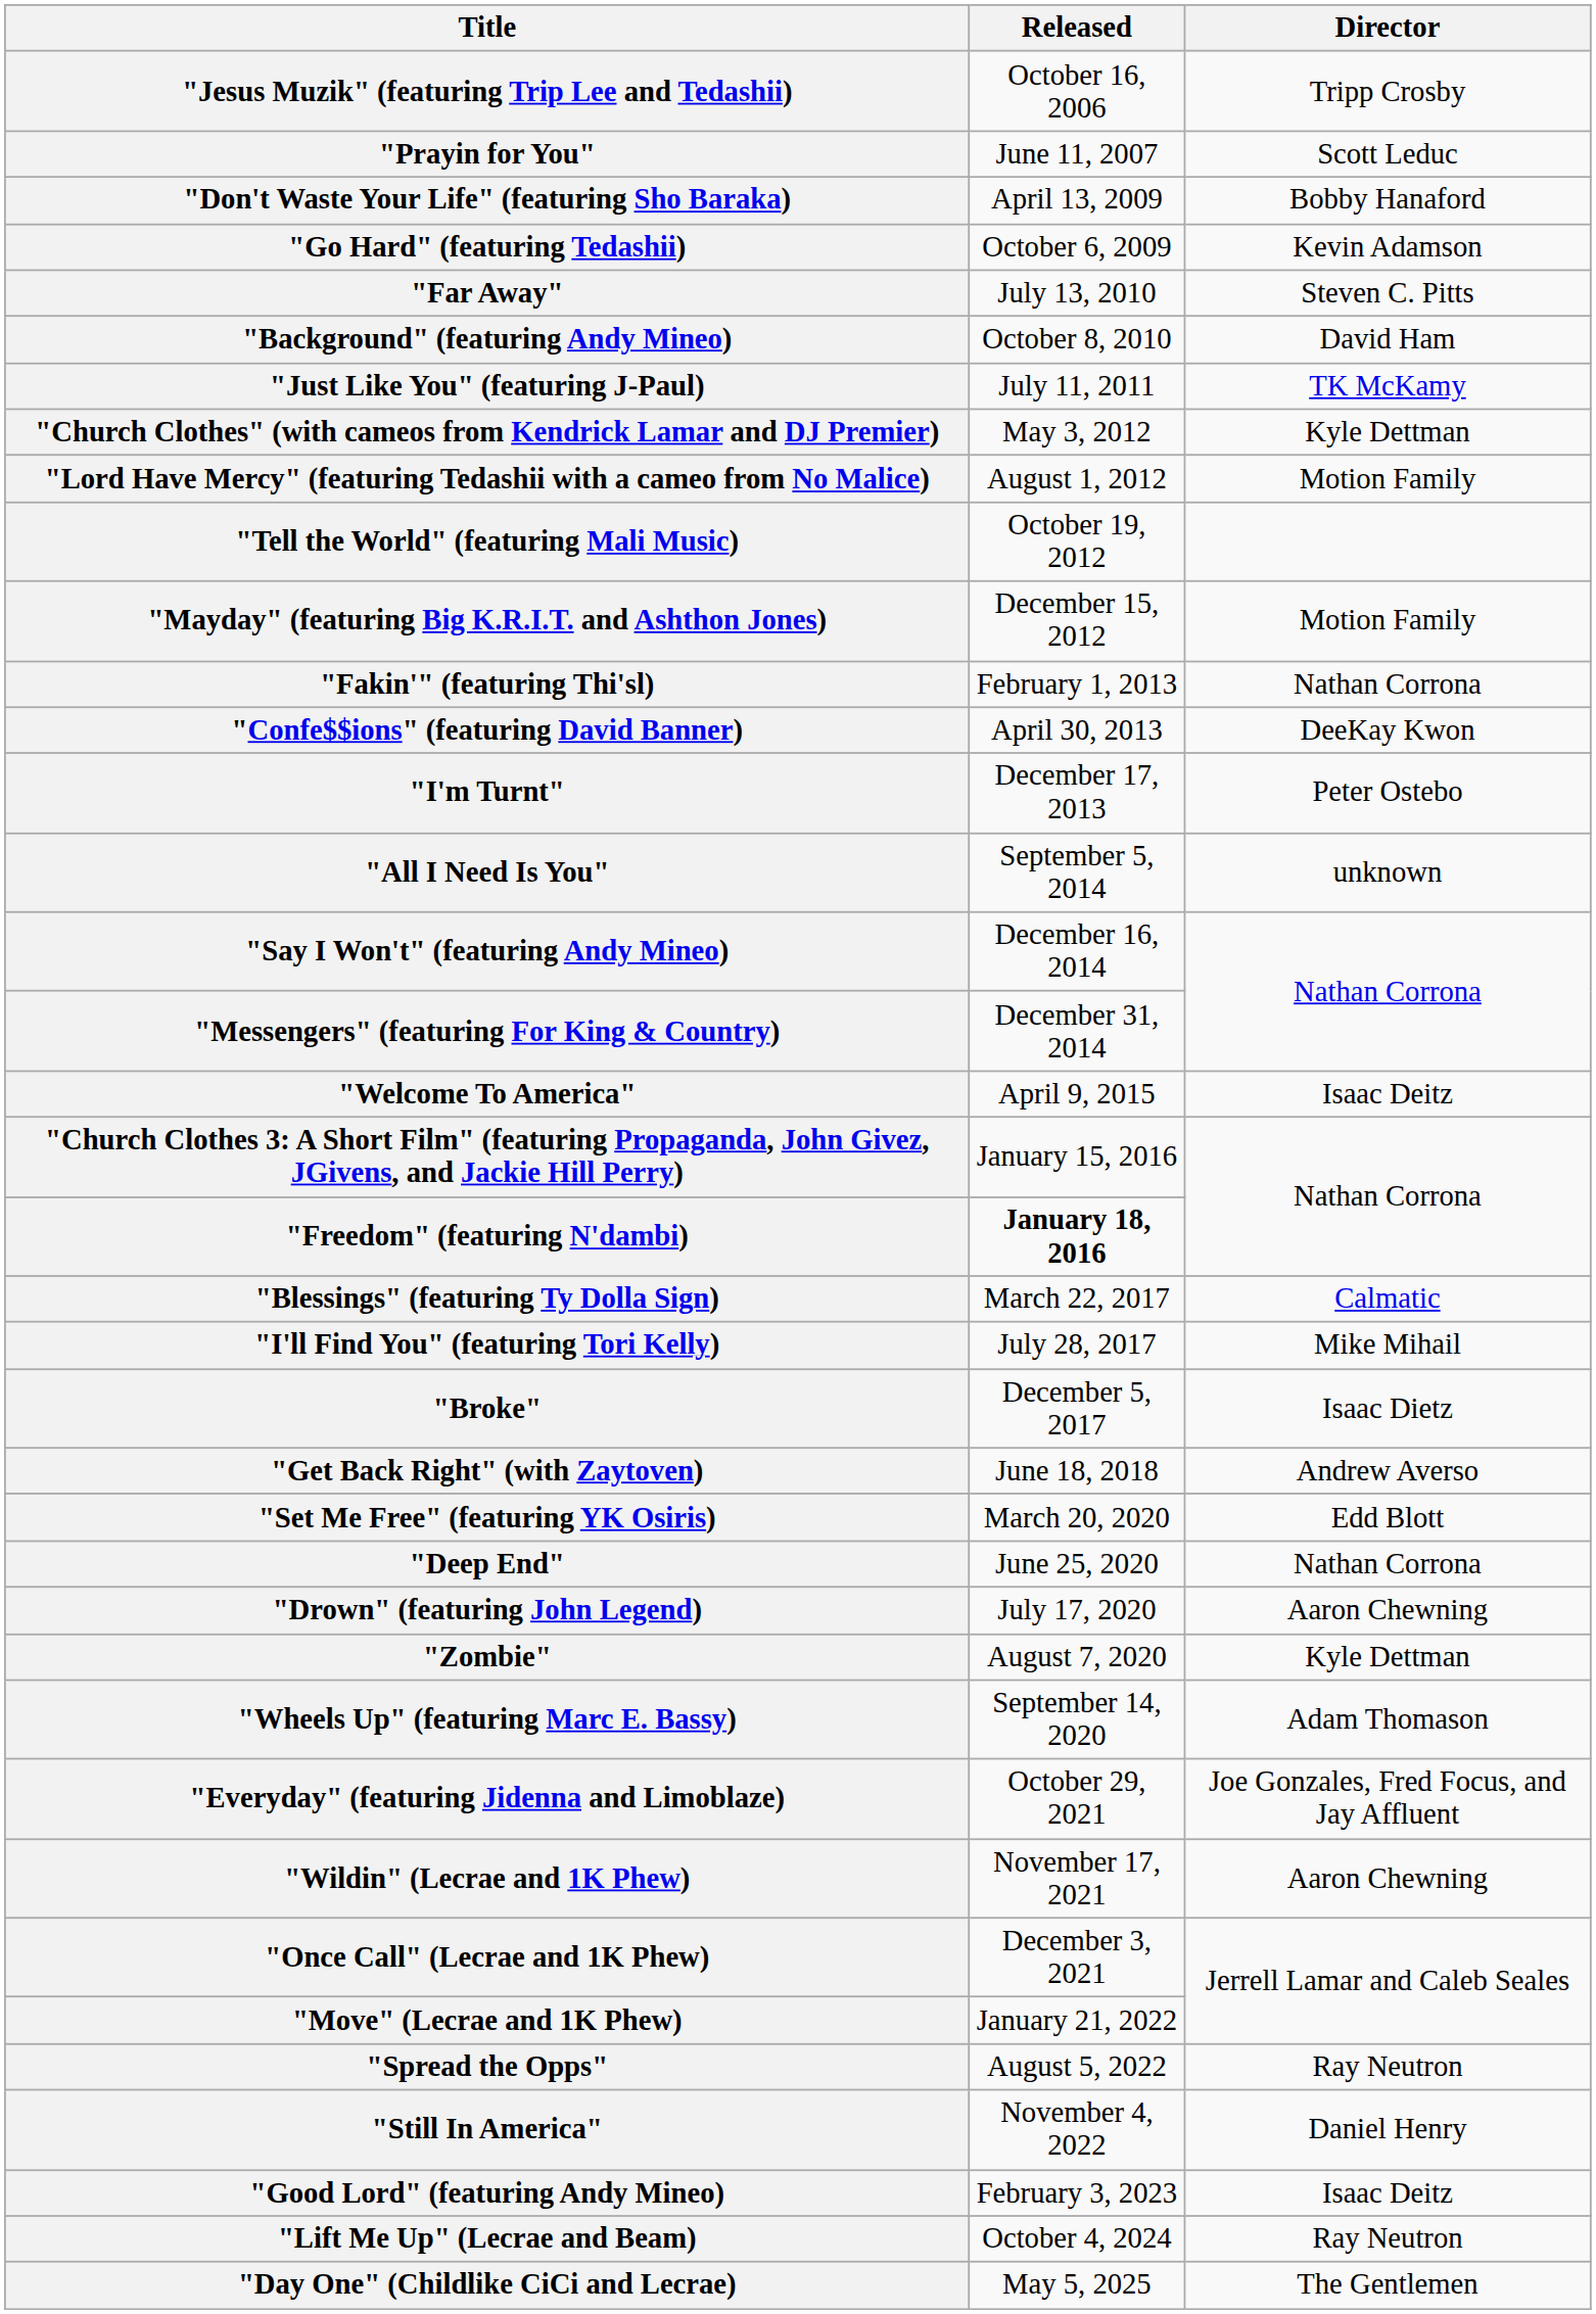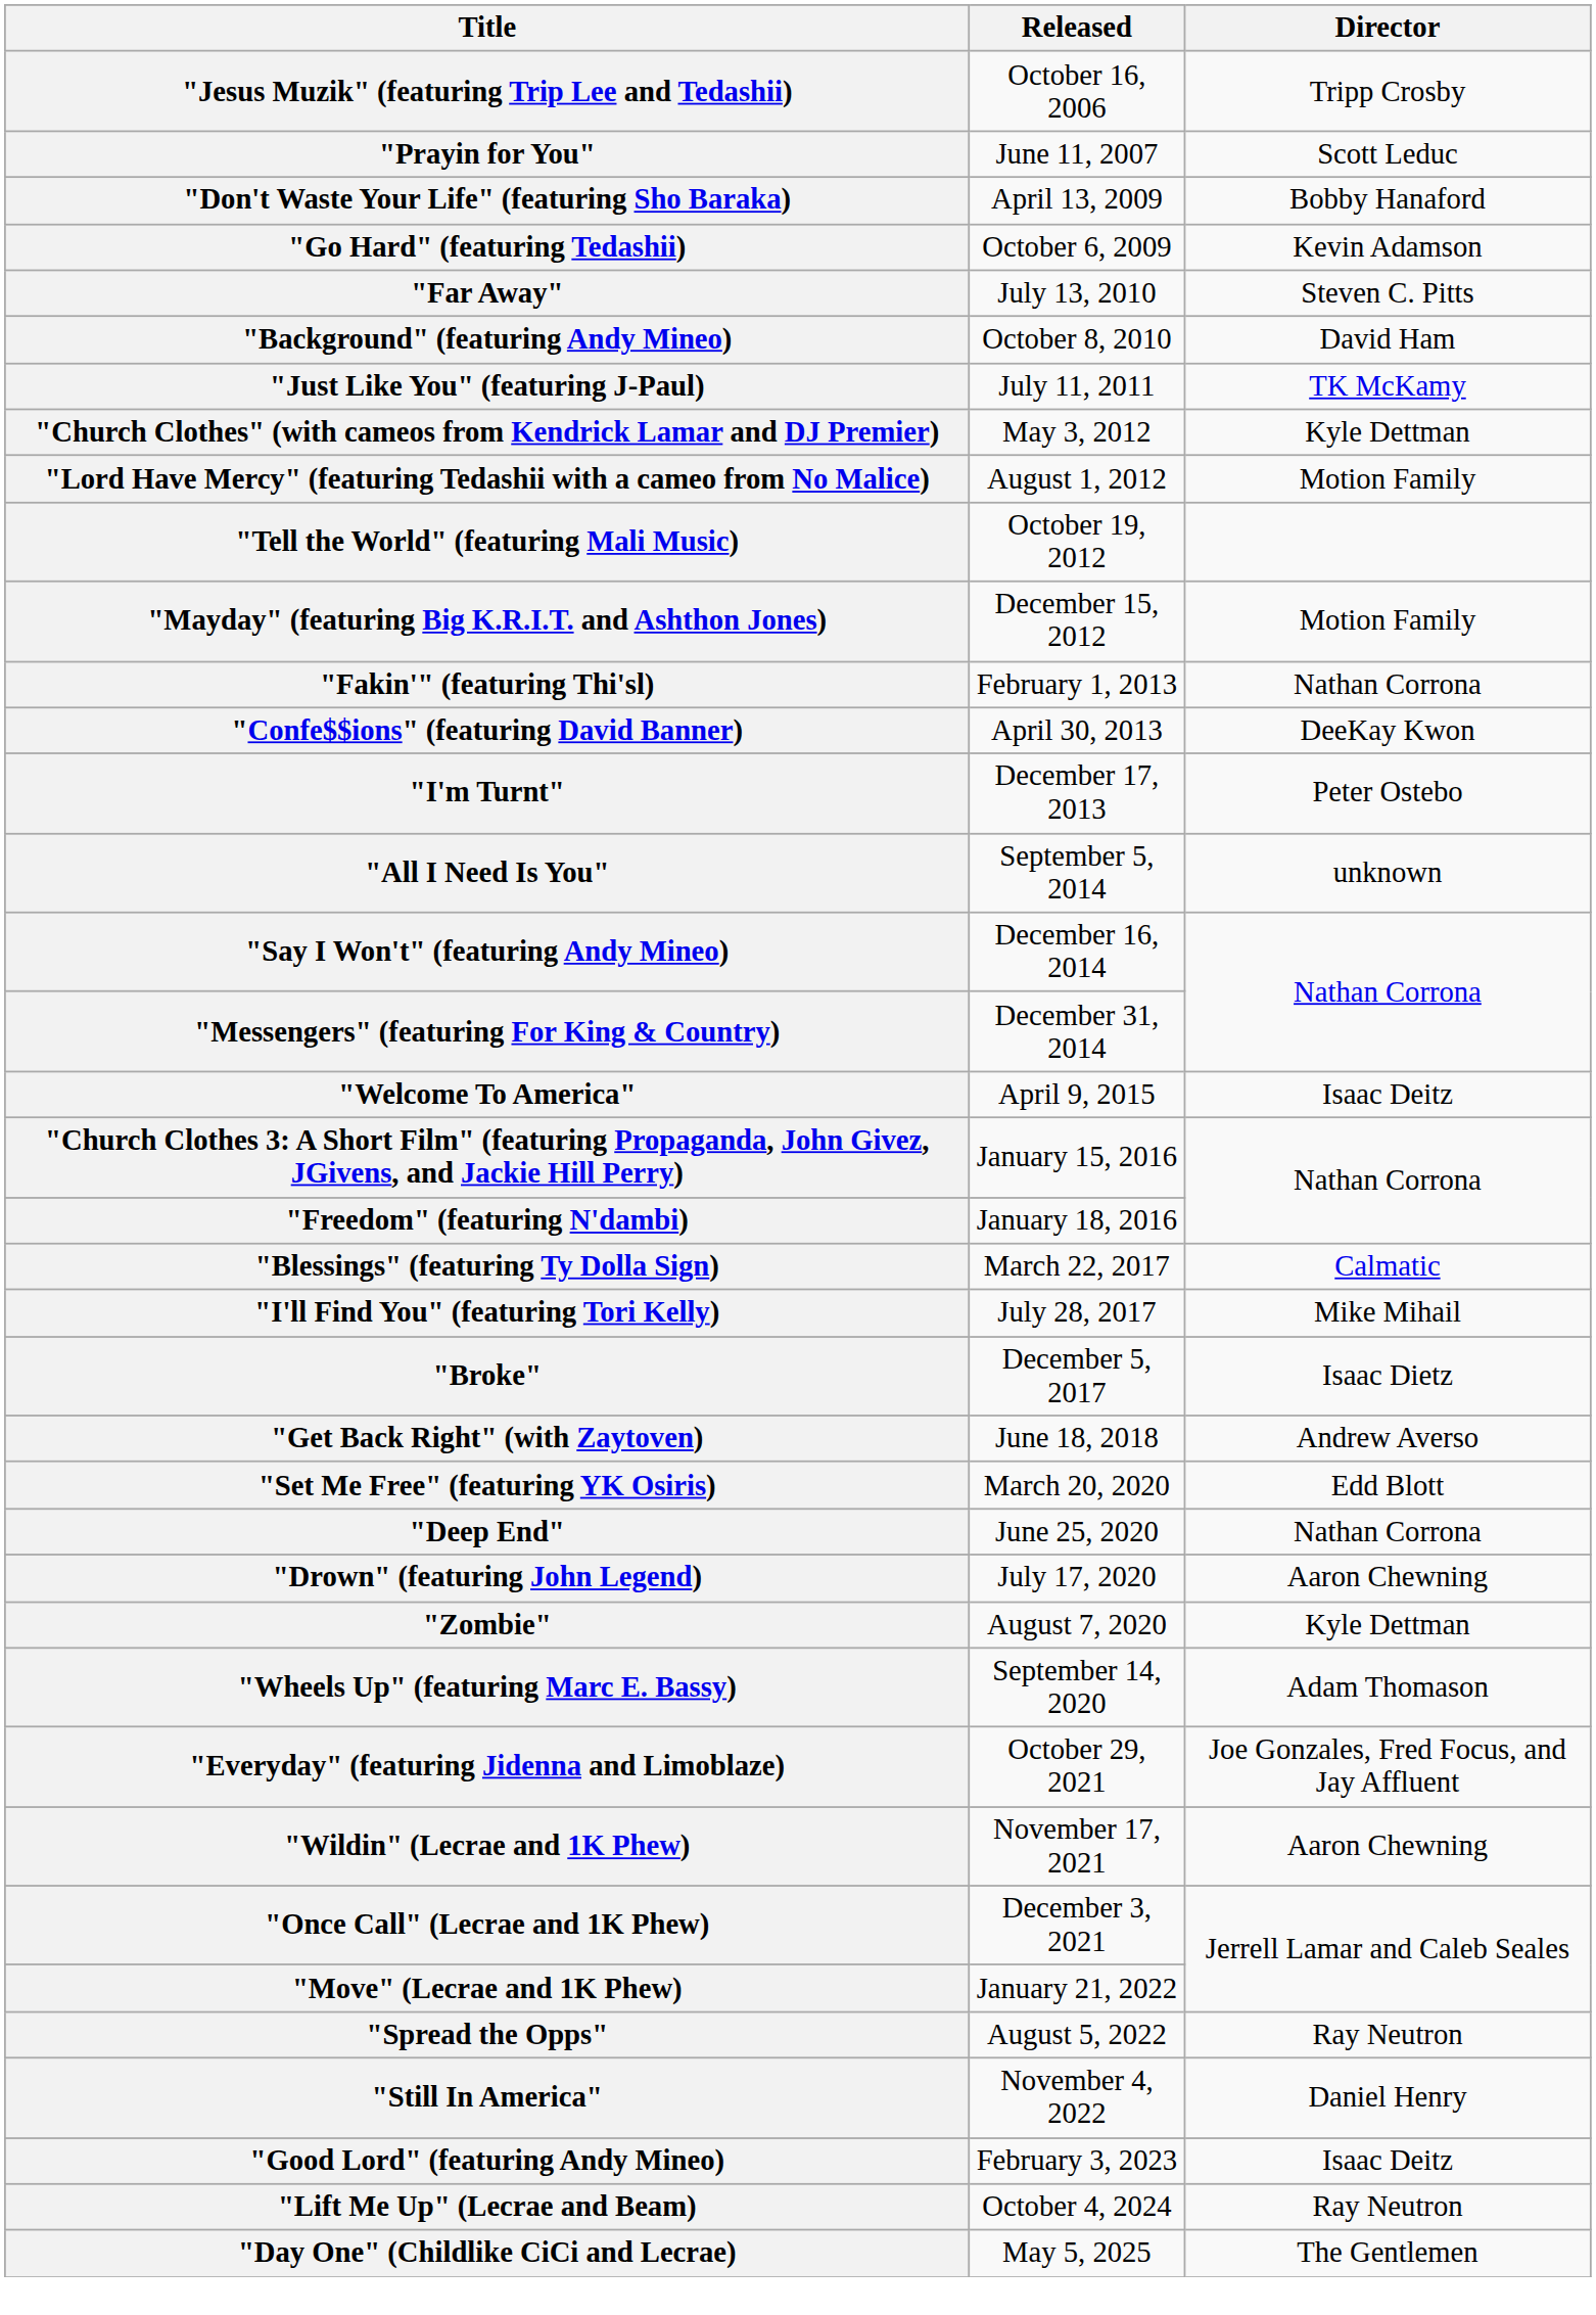 <table class="wikitable plainrowheaders" style="text-align:center;">
 <tr>
 <th scope="col">Title</th>
 <th scope="col">Released</th>
 <th scope="col">Director</th>
 </tr>
 <tr>
 <th scope="row">"Jesus Muzik" (featuring <a href='#'>Trip Lee</a> and <a href='#'>Tedashii</a>)</th>
 <td>October 16, 2006</td>
 <td>Tripp Crosby</td>
 </tr>
 <tr>
 <th scope="row">"Prayin for You"</th>
 <td>June 11, 2007</td>
 <td>Scott Leduc</td>
 </tr>
 <tr>
 <th scope="row">"Don't Waste Your Life" (featuring <a href='#'>Sho Baraka</a>)</th>
 <td>April 13, 2009</td>
 <td>Bobby Hanaford</td>
 </tr>
 <tr>
 <th scope="row">"Go Hard" (featuring <a href='#'>Tedashii</a>)</th>
 <td>October 6, 2009</td>
 <td>Kevin Adamson</td>
 </tr>
 <tr>
 <th scope="row">"Far Away"</th>
 <td>July 13, 2010</td>
 <td>Steven C. Pitts</td>
 </tr>
 <tr>
 <th scope="row">"Background" (featuring <a href='#'>Andy Mineo</a>)</th>
 <td>October 8, 2010</td>
 <td>David Ham</td>
 </tr>
 <tr>
 <th scope="row">"Just Like You" (featuring J-Paul)</th>
 <td>July 11, 2011</td>
 <td><a href='#'>TK McKamy</a></td>
 </tr>
 <tr>
 <th scope="row">"Church Clothes" (with cameos from <a href='#'>Kendrick Lamar</a> and <a href='#'>DJ Premier</a>)</th>
 <td>May 3, 2012</td>
 <td>Kyle Dettman</td>
 </tr>
 <tr>
 <th scope="row">"Lord Have Mercy" (featuring Tedashii with a cameo from <a href='#'>No Malice</a>)</th>
 <td>August 1, 2012</td>
 <td>Motion Family</td>
 </tr>
 <tr>
 <th scope="row">"Tell the World" (featuring <a href='#'>Mali Music</a>)</th>
 <td>October 19, 2012</td>
 <td></td>
 </tr>
 <tr>
 <th scope="row">"Mayday" (featuring <a href='#'>Big K.R.I.T.</a> and <a href='#'>Ashthon Jones</a>)</th>
 <td>December 15, 2012</td>
 <td>Motion Family</td>
 </tr>
 <tr>
 <th scope="row">"Fakin'" (featuring Thi'sl)</th>
 <td>February 1, 2013</td>
 <td>Nathan Corrona</td>
 </tr>
 <tr>
 <th scope="row">"<a href='#'>Confe$$ions</a>" (featuring <a href='#'>David Banner</a>)</th>
 <td>April 30, 2013</td>
 <td>DeeKay Kwon</td>
 </tr>
 <tr>
 <th scope="row">"I'm Turnt"</th>
 <td>December 17, 2013</td>
 <td>Peter Ostebo</td>
 </tr>
 <tr>
 <th scope="row">"All I Need Is You"</th>
 <td>September 5, 2014</td>
 <td>unknown</td>
 </tr>
 <tr>
 <th scope="row">"Say I Won't" (featuring <a href='#'>Andy Mineo</a>)</th>
 <td>December 16, 2014</td>
 <td rowspan="2"><a href='#'>Nathan Corrona</a></td>
 </tr>
 <tr>
 <th scope="row">"Messengers" (featuring <a href='#'>For King & Country</a>)</th>
 <td>December 31, 2014</td>
 </tr>
 <tr>
 <th scope="row">"Welcome To America"</th>
 <td>April 9, 2015</td>
 <td>Isaac Deitz</td>
 </tr>
 <tr>
 <th scope="row">"Church Clothes 3: A Short Film" (featuring <a href='#'>Propaganda</a>, <a href='#'>John Givez</a>, <a href='#'>JGivens</a>, and <a href='#'>Jackie Hill Perry</a>)</th>
 <td>January 15, 2016</td>
 <td rowspan="2">Nathan Corrona</td>
 </tr>
 <tr>
 <th scope="row">"Freedom" (featuring <a href='#'>N'dambi</a>)</th>
-<td><strong>January 18, 2016</strong></td>
+<td>January 18, 2016</td>
 </tr>
 <tr>
 <th scope="row">"Blessings" (featuring <a href='#'>Ty Dolla Sign</a>)</th>
 <td>March 22, 2017</td>
 <td><a href='#'>Calmatic</a></td>
 </tr>
 <tr>
 <th scope="row">"I'll Find You" (featuring <a href='#'>Tori Kelly</a>)</th>
 <td>July 28, 2017</td>
 <td>Mike Mihail</td>
 </tr>
 <tr>
 <th scope="row">"Broke"</th>
 <td>December 5, 2017</td>
 <td>Isaac Dietz</td>
 </tr>
 <tr>
 <th scope="row">"Get Back Right" (with <a href='#'>Zaytoven</a>)</th>
 <td>June 18, 2018</td>
 <td>Andrew Averso</td>
 </tr>
 <tr>
 <th scope="row">"Set Me Free" (featuring <a href='#'>YK Osiris</a>)</th>
 <td>March 20, 2020</td>
 <td>Edd Blott</td>
 </tr>
 <tr>
 <th scope="row">"Deep End"</th>
 <td>June 25, 2020</td>
 <td>Nathan Corrona</td>
 </tr>
 <tr>
 <th scope="row">"Drown" (featuring <a href='#'>John Legend</a>)</th>
 <td>July 17, 2020</td>
 <td>Aaron Chewning</td>
 </tr>
 <tr>
 <th scope="row">"Zombie"</th>
 <td>August 7, 2020</td>
 <td>Kyle Dettman</td>
 </tr>
 <tr>
 <th scope="row">"Wheels Up" (featuring <a href='#'>Marc E. Bassy</a>)</th>
 <td>September 14, 2020</td>
 <td>Adam Thomason</td>
 </tr>
 <tr>
 <th scope="row">"Everyday" (featuring <a href='#'>Jidenna</a> and Limoblaze)</th>
 <td>October 29, 2021</td>
 <td>Joe Gonzales, Fred Focus, and Jay Affluent</td>
 </tr>
 <tr>
 <th scope="row">"Wildin" (Lecrae and <a href='#'>1K Phew</a>)</th>
 <td>November 17, 2021</td>
 <td>Aaron Chewning</td>
 </tr>
 <tr>
 <th scope="row">"Once Call" (Lecrae and 1K Phew)</th>
 <td>December 3, 2021</td>
 <td rowspan="2">Jerrell Lamar and Caleb Seales</td>
 </tr>
 <tr>
 <th scope="row">"Move" (Lecrae and 1K Phew)</th>
 <td>January 21, 2022</td>
 </tr>
 <tr>
 <th scope="row">"Spread the Opps"</th>
 <td>August 5, 2022</td>
 <td>Ray Neutron</td>
 </tr>
 <tr>
 <th scope="row">"Still In America"</th>
 <td>November 4, 2022</td>
 <td>Daniel Henry</td>
 </tr>
 <tr>
 <th scope="row">"Good Lord" (featuring Andy Mineo)</th>
 <td>February 3, 2023</td>
 <td>Isaac Deitz</td>
 </tr>
 <tr>
 <th scope="row">"Lift Me Up" (Lecrae and Beam)</th>
 <td>October 4, 2024</td>
 <td>Ray Neutron</td>
 </tr>
 <tr>
 <th scope'"row">"Day One" (Childlike CiCi and Lecrae)</th>
 <td>May 5, 2025</td>
 <td>The Gentlemen</td>
 </tr>
 </table>
